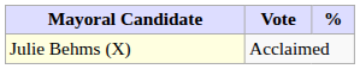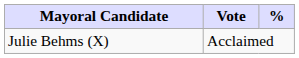 <table class="wikitable">
 <tr>
 <th style="background:#ddf; width:200px;">Mayoral Candidate </th>
 <th style="background:#ddf; width:50px;">Vote</th>
 <th style="background:#ddf; width:30px;">%</th>
 </tr>
 <tr>
-<td style="background: lightyellow;">Julie Behms (X)</td>
+<td>Julie Behms (X)</td>
 <td colspan="2">Acclaimed</td>
 </tr>
 </table>
